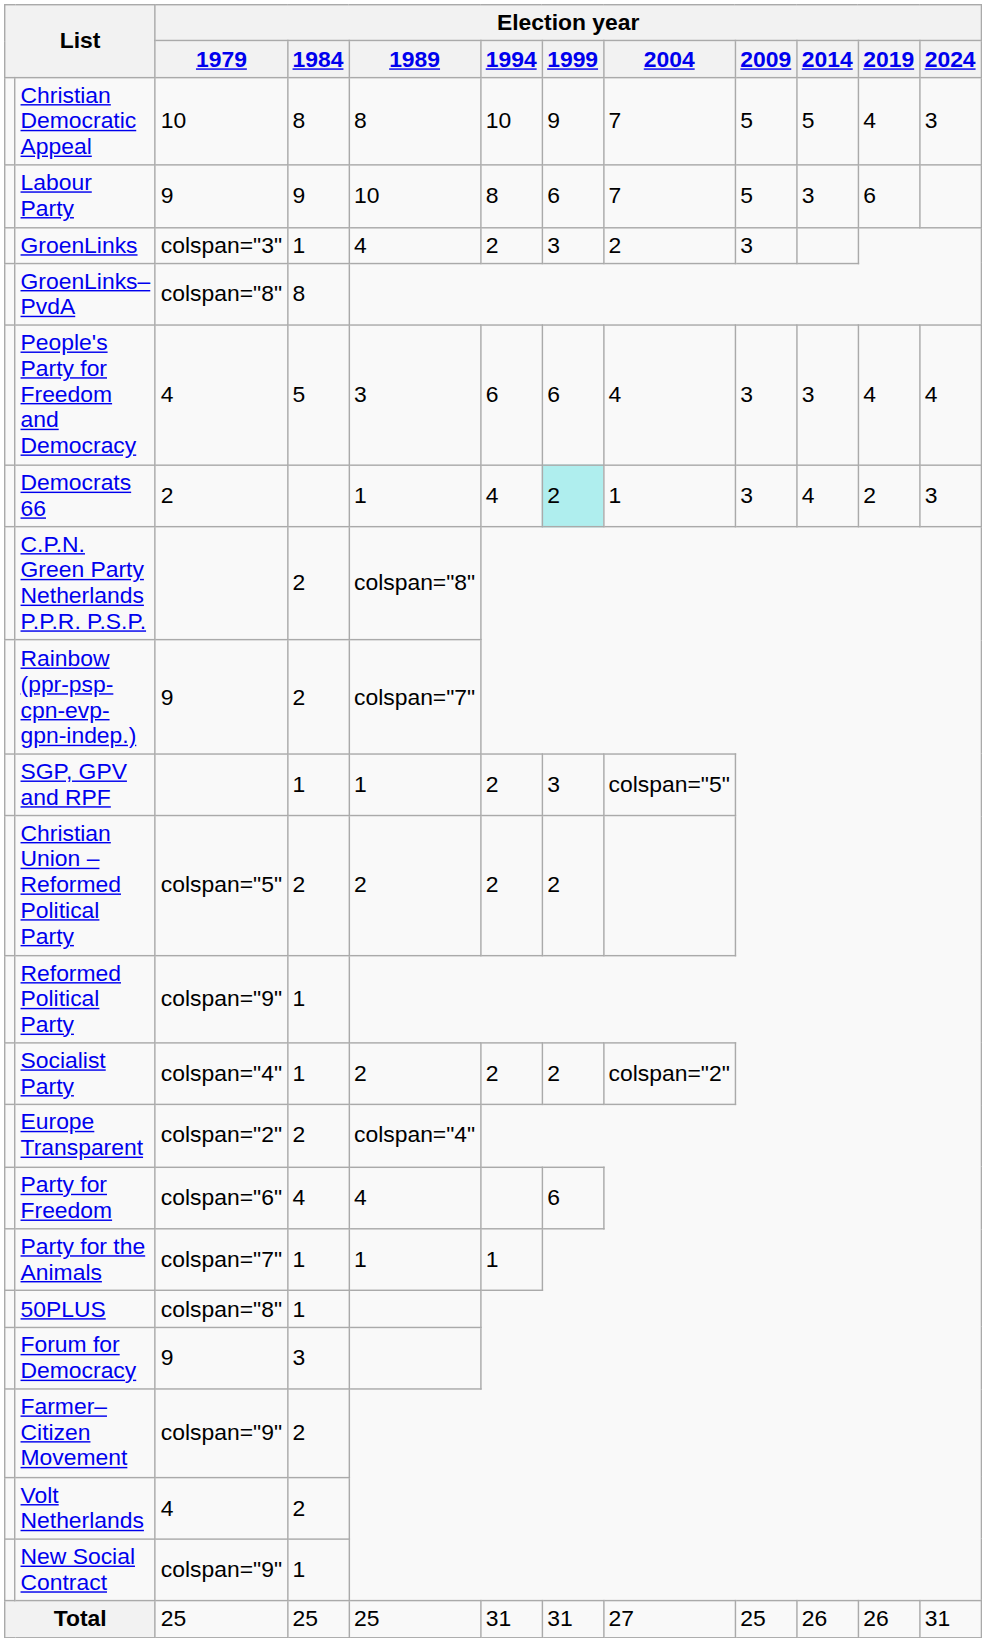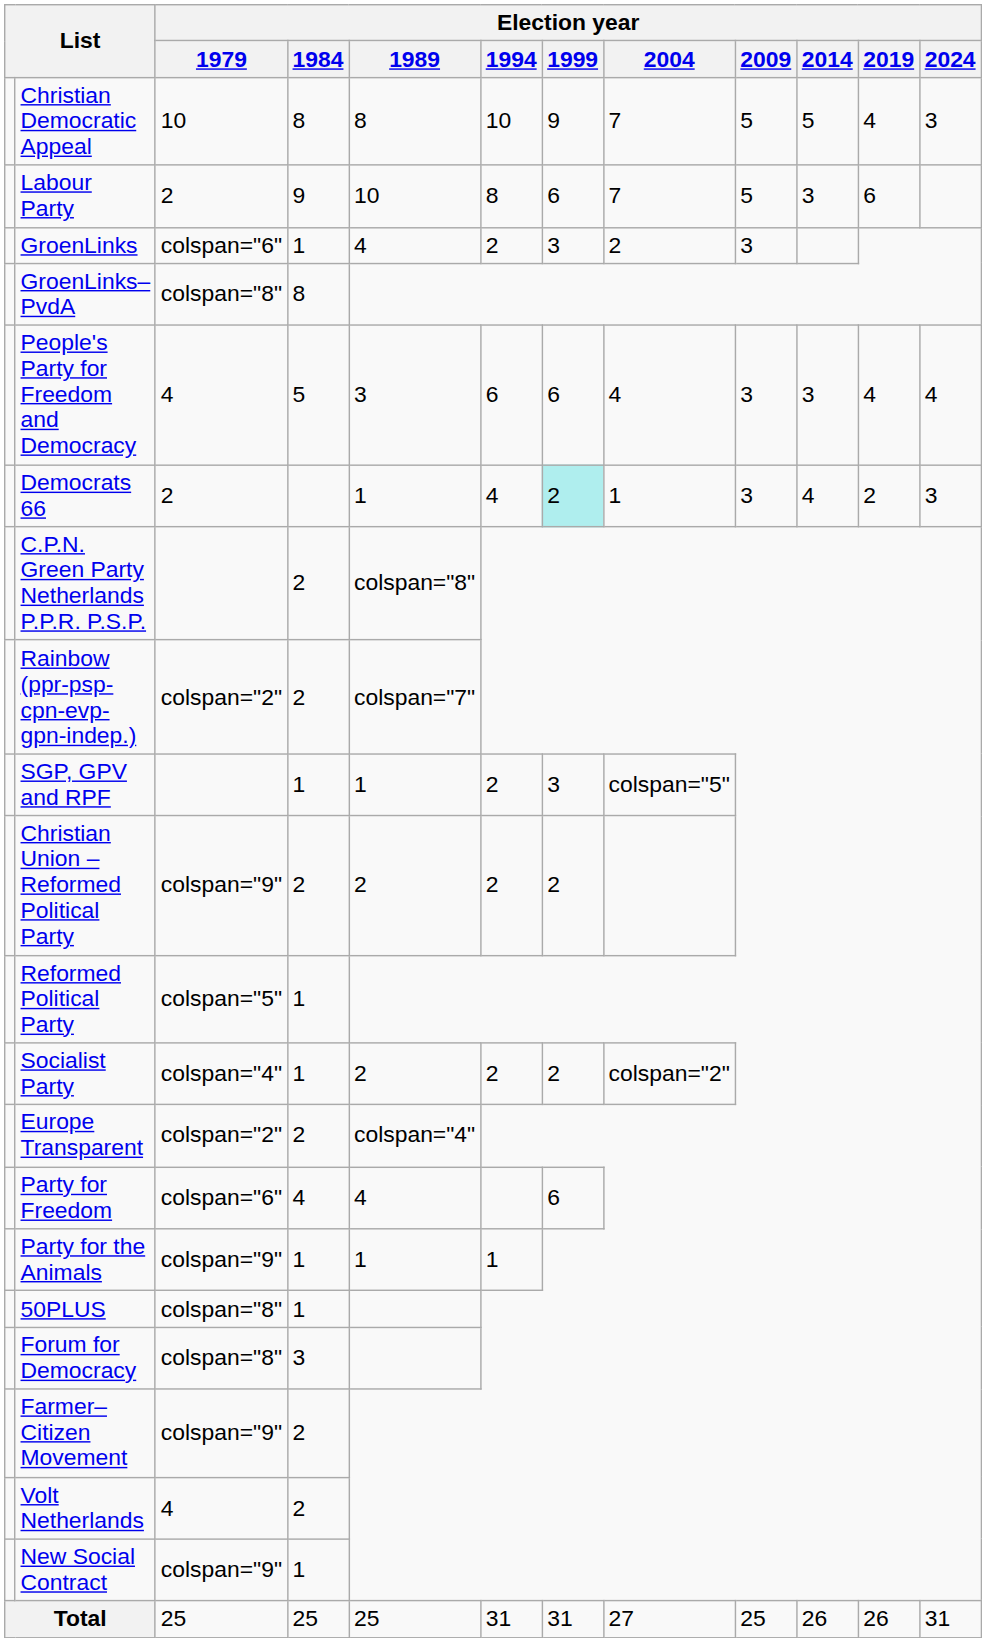 <table class="wikitable">
 <tr>
 <th scope="col" colspan="2" rowspan="2">List</th>
 <th scope="col" colspan="10">Election year</th>
 </tr>
 <tr>
 <th scope="col"><a href='#'>1979</a></th>
 <th scope="col"><a href='#'>1984</a></th>
 <th scope="col"><a href='#'>1989</a></th>
 <th scope="col"><a href='#'>1994</a></th>
 <th scope="col"><a href='#'>1999</a></th>
 <th scope="col"><a href='#'>2004</a></th>
 <th scope="col"><a href='#'>2009</a></th>
 <th scope="col"><a href='#'>2014</a></th>
 <th scope="col"><a href='#'>2019</a></th>
 <th scope="col"><a href='#'>2024</a></th>
 </tr>
 <tr>
 <td></td>
 <td><a href='#'>Christian Democratic Appeal</a></td>
 <td>10</td>
 <td>8</td>
 <td>8</td>
 <td>10</td>
 <td>9</td>
 <td>7</td>
 <td>5</td>
 <td>5</td>
 <td>4</td>
 <td>3</td>
 </tr>
 <tr>
 <td></td>
 <td><a href='#'>Labour Party</a></td>
-<td>9</td>
+<td>2</td>
 <td>9</td>
 <td>10</td>
 <td>8</td>
 <td>6</td>
 <td>7</td>
 <td>5</td>
 <td>3</td>
 <td>6</td>
 <td></td>
 </tr>
 <tr>
 <td></td>
 <td><a href='#'>GroenLinks</a></td>
-<td>colspan="3" </td>
+<td>colspan="6" </td>
 <td>1</td>
 <td>4</td>
 <td>2</td>
 <td>3</td>
 <td>2</td>
 <td>3</td>
 <td></td>
 </tr>
 <tr>
 <td></td>
 <td><a href='#'>GroenLinks–PvdA</a></td>
 <td>colspan="8" </td>
 <td>8</td>
 </tr>
 <tr>
 <td></td>
 <td><a href='#'>People's Party for Freedom and Democracy</a></td>
 <td>4</td>
 <td>5</td>
 <td>3</td>
 <td>6</td>
 <td>6</td>
 <td>4</td>
 <td>3</td>
 <td>3</td>
 <td>4</td>
 <td>4</td>
 </tr>
 <tr>
 <td></td>
 <td><a href='#'>Democrats 66</a></td>
 <td>2</td>
 <td></td>
 <td>1</td>
 <td>4</td>
 <td style="background: paleturquoise;">2</td>
 <td>1</td>
 <td>3</td>
 <td>4</td>
 <td>2</td>
 <td>3</td>
 </tr>
 <tr>
 <td></td>
 <td><a href='#'>C.P.N. Green Party Netherlands P.P.R. P.S.P.</a></td>
 <td></td>
 <td>2</td>
 <td>colspan="8" </td>
 </tr>
 <tr>
 <td></td>
 <td><a href='#'>Rainbow (ppr-psp-cpn-evp-gpn-indep.)</a></td>
-<td>9</td>
+<td>colspan="2" </td>
 <td>2</td>
 <td>colspan="7" </td>
 </tr>
 <tr>
 <td></td>
 <td><a href='#'>SGP, GPV and RPF</a></td>
 <td></td>
 <td>1</td>
 <td>1</td>
 <td>2</td>
 <td>3</td>
 <td>colspan="5" </td>
 </tr>
 <tr>
 <td></td>
 <td><a href='#'>Christian Union – Reformed Political Party</a></td>
-<td>colspan="5" </td>
+<td>colspan="9" </td>
 <td>2</td>
 <td>2</td>
 <td>2</td>
 <td>2</td>
 <td></td>
 </tr>
 <tr>
 <td></td>
 <td><a href='#'>Reformed Political Party</a></td>
-<td>colspan="9" </td>
+<td>colspan="5" </td>
 <td>1</td>
 </tr>
 <tr>
 <td></td>
 <td><a href='#'>Socialist Party</a></td>
 <td>colspan="4" </td>
 <td>1</td>
 <td>2</td>
 <td>2</td>
 <td>2</td>
 <td>colspan="2" </td>
 </tr>
 <tr>
 <td></td>
 <td><a href='#'>Europe Transparent</a></td>
 <td>colspan="2" </td>
 <td>2</td>
 <td>colspan="4" </td>
 </tr>
 <tr>
 <td></td>
 <td><a href='#'>Party for Freedom</a></td>
 <td>colspan="6" </td>
 <td>4</td>
 <td>4</td>
 <td></td>
 <td>6</td>
 </tr>
 <tr>
 <td></td>
 <td><a href='#'>Party for the Animals</a></td>
-<td>colspan="7" </td>
+<td>colspan="9" </td>
 <td>1</td>
 <td>1</td>
 <td>1</td>
 </tr>
 <tr>
 <td></td>
 <td><a href='#'>50PLUS</a></td>
 <td>colspan="8" </td>
 <td>1</td>
 <td></td>
 </tr>
 <tr>
 <td></td>
 <td><a href='#'>Forum for Democracy</a></td>
-<td>9</td>
+<td>colspan="8" </td>
 <td>3</td>
 <td></td>
 </tr>
 <tr>
 <td></td>
 <td><a href='#'>Farmer–Citizen Movement</a></td>
 <td>colspan="9" </td>
 <td>2</td>
 </tr>
 <tr>
 <td></td>
 <td><a href='#'>Volt Netherlands</a></td>
 <td>4</td>
 <td>2</td>
 </tr>
 <tr>
 <td></td>
 <td><a href='#'>New Social Contract</a></td>
 <td>colspan="9" </td>
 <td>1</td>
 </tr>
 <tr>
 <th scope="row" colspan="2">Total</th>
 <td>25</td>
 <td>25</td>
 <td>25</td>
 <td>31</td>
 <td>31</td>
 <td>27</td>
 <td>25</td>
 <td>26</td>
 <td>26</td>
 <td>31</td>
 </tr>
 </table>
